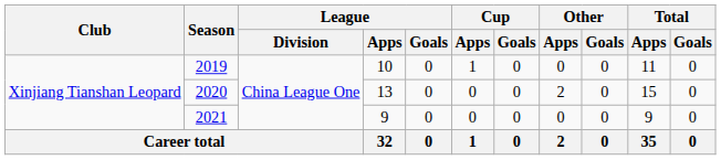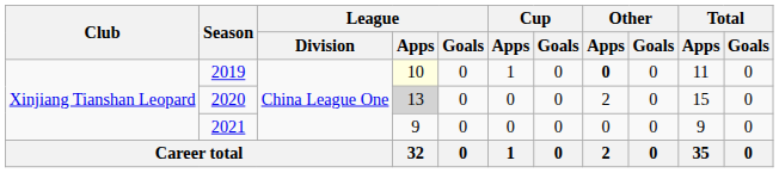 <table class="wikitable" style="text-align: center">
 <tr>
 <th rowspan="2">Club</th>
 <th rowspan="2">Season</th>
 <th colspan="3">League</th>
 <th colspan="2">Cup</th>
 <th colspan="2">Other</th>
 <th colspan="2">Total</th>
 </tr>
 <tr>
 <th>Division</th>
 <th>Apps</th>
 <th>Goals</th>
 <th>Apps</th>
 <th>Goals</th>
 <th>Apps</th>
 <th>Goals</th>
 <th>Apps</th>
 <th>Goals</th>
 </tr>
 <tr>
 <td rowspan="3"><a href='#'>Xinjiang Tianshan Leopard</a></td>
 <td><a href='#'>2019</a></td>
 <td rowspan="3"><a href='#'>China League One</a></td>
-<td>10</td>
+<td style="background: lightyellow;">10</td>
 <td>0</td>
 <td>1</td>
 <td>0</td>
-<td>0</td>
+<td><strong>0</strong></td>
 <td>0</td>
 <td>11</td>
 <td>0</td>
 </tr>
 <tr>
 <td><a href='#'>2020</a></td>
-<td>13</td>
+<td style="background: lightgrey;">13</td>
 <td>0</td>
 <td>0</td>
 <td>0</td>
 <td>2</td>
 <td>0</td>
 <td>15</td>
 <td>0</td>
 </tr>
 <tr>
 <td><a href='#'>2021</a></td>
 <td>9</td>
 <td>0</td>
 <td>0</td>
 <td>0</td>
 <td>0</td>
 <td>0</td>
 <td>9</td>
 <td>0</td>
 </tr>
 <tr>
 <th colspan=3>Career total</th>
 <th>32</th>
 <th>0</th>
 <th>1</th>
 <th>0</th>
 <th>2</th>
 <th>0</th>
 <th>35</th>
 <th>0</th>
 </tr>
 </table>
